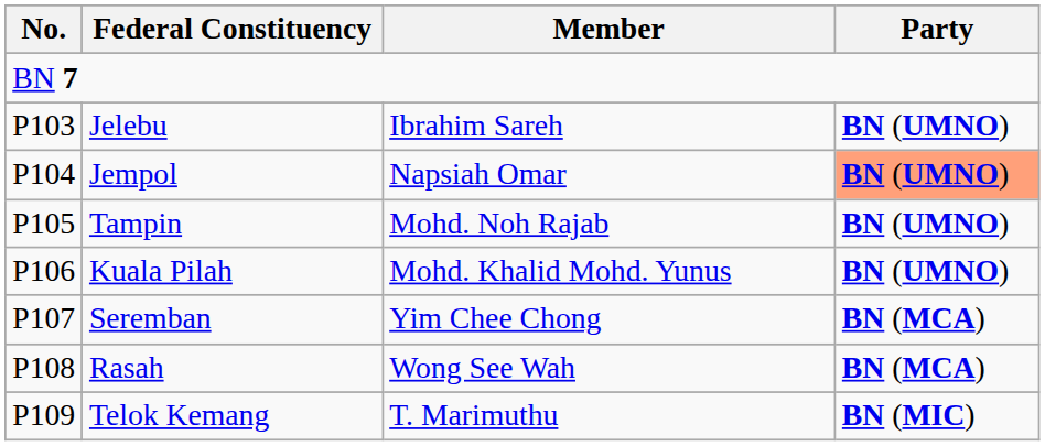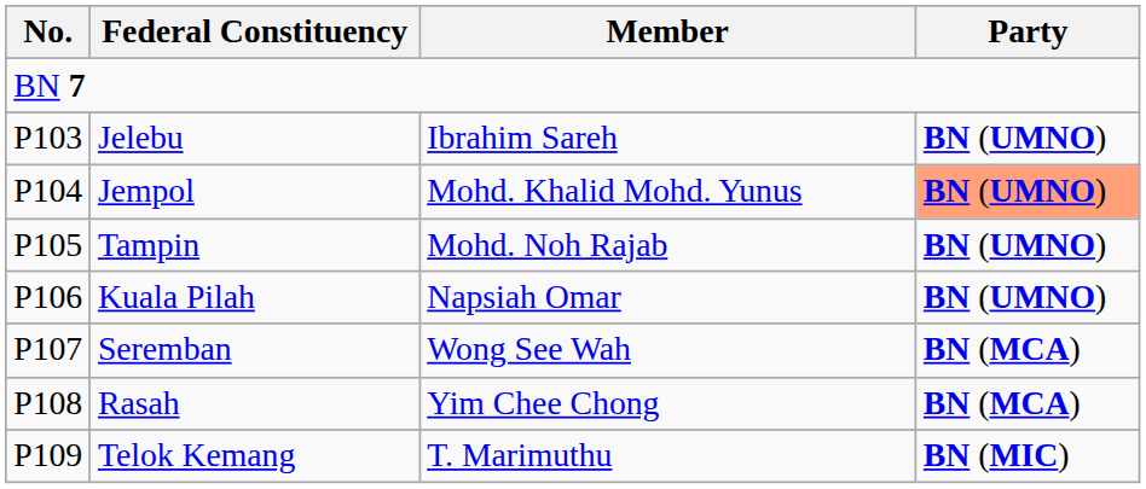 <table class="wikitable sortable">
 <tr>
 <th style="width:30px;">No.</th>
 <th style="width:150px;">Federal Constituency</th>
 <th style="width:230px;">Member</th>
 <th style="width:100px;">Party</th>
 </tr>
 <tr>
 <td colspan="4"><a href='#'>BN</a> <strong>7</strong></td>
 </tr>
 <tr>
 <td>P103</td>
 <td><a href='#'>Jelebu</a></td>
 <td><a href='#'>Ibrahim Sareh</a></td>
 <td><strong><a href='#'>BN</a></strong> (<strong><a href='#'>UMNO</a></strong>)</td>
 </tr>
 <tr>
 <td>P104</td>
 <td><a href='#'>Jempol</a></td>
-<td><a href='#'>Napsiah Omar</a></td>
+<td><a href='#'>Mohd. Khalid Mohd. Yunus</a></td>
 <td style="background: lightsalmon;"><strong><a href='#'>BN</a></strong> (<strong><a href='#'>UMNO</a></strong>)</td>
 </tr>
 <tr>
 <td>P105</td>
 <td><a href='#'>Tampin</a></td>
 <td><a href='#'>Mohd. Noh Rajab</a></td>
 <td><strong><a href='#'>BN</a></strong> (<strong><a href='#'>UMNO</a></strong>)</td>
 </tr>
 <tr>
 <td>P106</td>
 <td><a href='#'>Kuala Pilah</a></td>
-<td><a href='#'>Mohd. Khalid Mohd. Yunus</a></td>
+<td><a href='#'>Napsiah Omar</a></td>
 <td><strong><a href='#'>BN</a></strong> (<strong><a href='#'>UMNO</a></strong>)</td>
 </tr>
 <tr>
 <td>P107</td>
 <td><a href='#'>Seremban</a></td>
-<td><a href='#'>Yim Chee Chong</a></td>
+<td><a href='#'>Wong See Wah</a></td>
 <td><strong><a href='#'>BN</a></strong> (<strong><a href='#'>MCA</a></strong>)</td>
 </tr>
 <tr>
 <td>P108</td>
 <td><a href='#'>Rasah</a></td>
-<td><a href='#'>Wong See Wah</a></td>
+<td><a href='#'>Yim Chee Chong</a></td>
 <td><strong><a href='#'>BN</a></strong> (<strong><a href='#'>MCA</a></strong>)</td>
 </tr>
 <tr>
 <td>P109</td>
 <td><a href='#'>Telok Kemang</a></td>
 <td><a href='#'>T. Marimuthu</a></td>
 <td><strong><a href='#'>BN</a></strong> (<strong><a href='#'>MIC</a></strong>)</td>
 </tr>
 </table>
